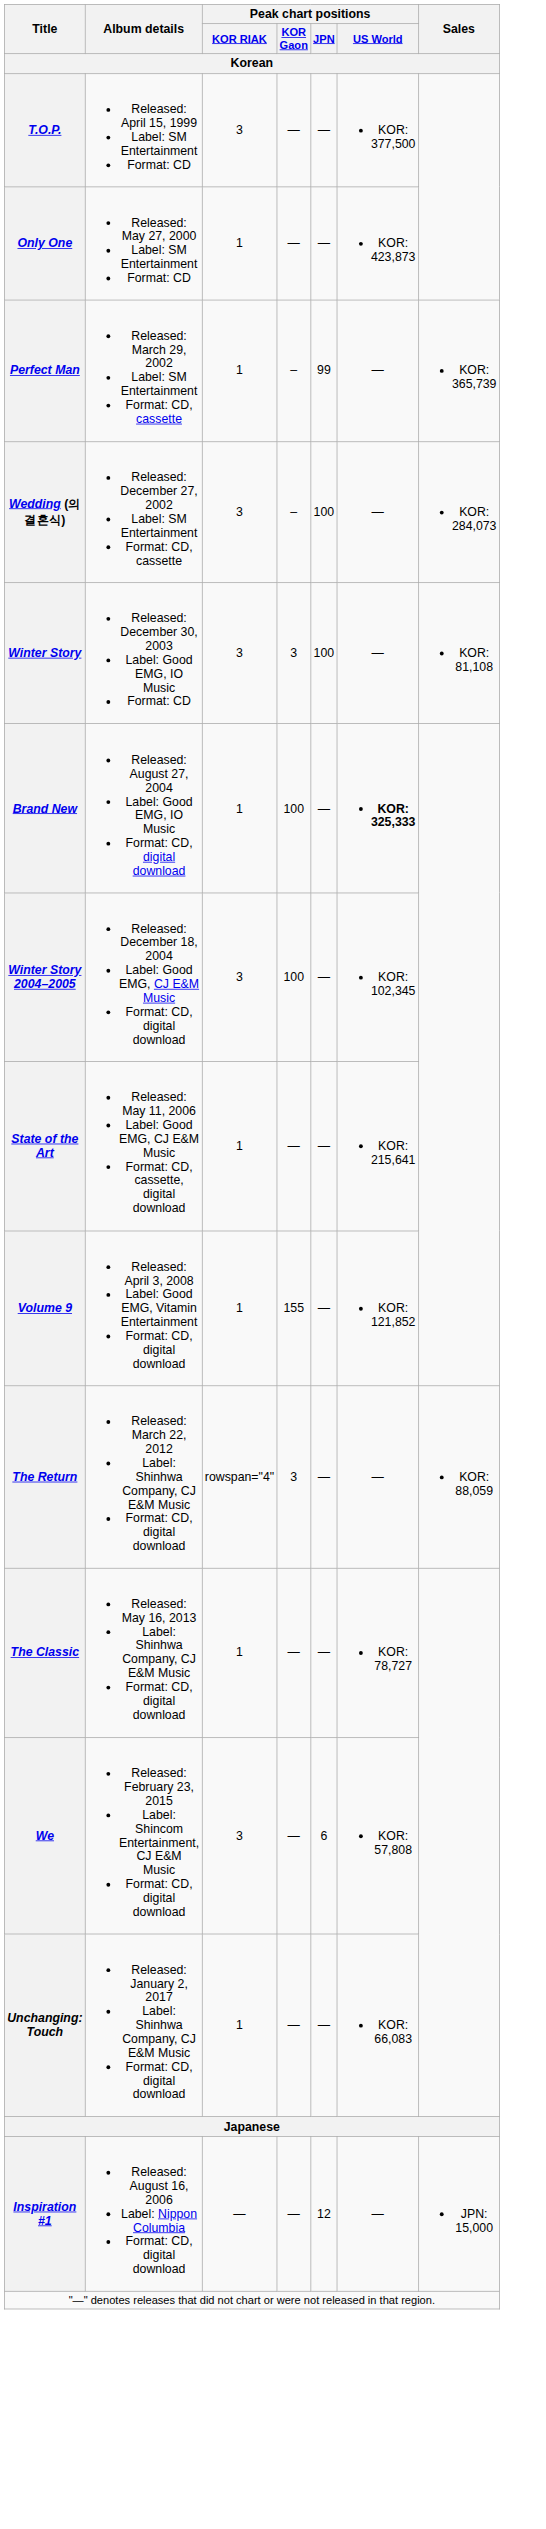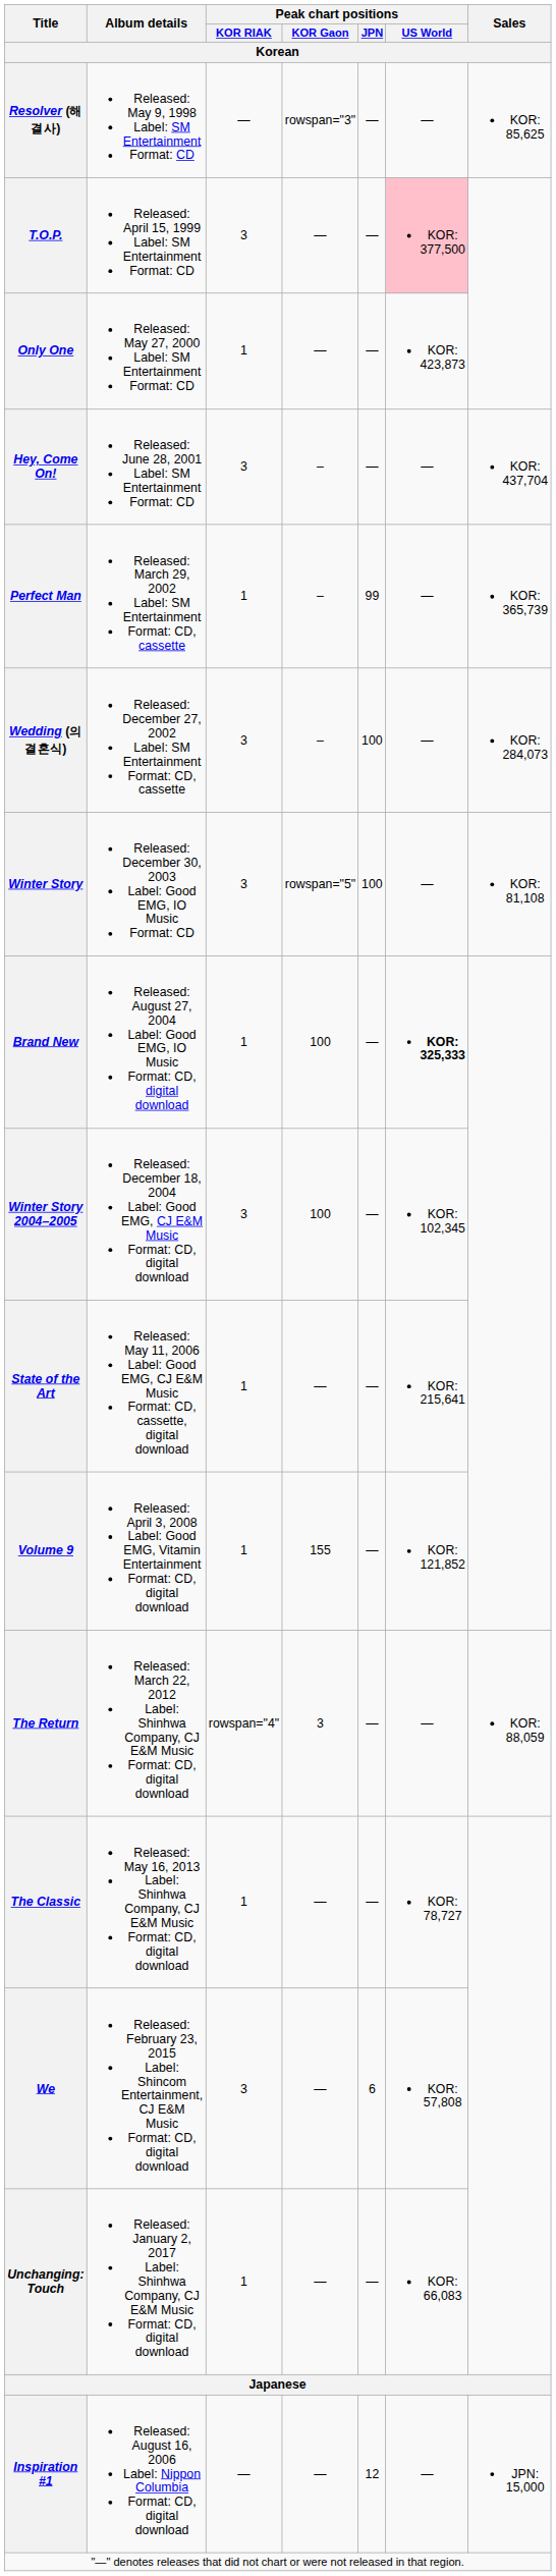 <table class="wikitable plainrowheaders" style="text-align:center;">
 <tr>
 <th scope="col" rowspan="2">Title</th>
 <th scope="col" rowspan="2" style="width:18em;">Album details</th>
 <th scope="col" colspan="4">Peak chart positions</th>
 <th scope="col" rowspan="2" style="width:11.5em;">Sales</th>
 </tr>
 <tr>
 <th scope="col" style="width:3em;font-size:90%;"><a href='#'>KOR RIAK</a><br></th>
 <th scope="col" style="width:3em;font-size:90%;"><a href='#'>KOR Gaon</a><br></th>
 <th scope="col" style="width:3em;font-size:90%;"><a href='#'>JPN</a><br></th>
 <th scope="col" style="width:3em;font-size:90%;"><a href='#'>US World</a><br></th>
 </tr>
 <tr>
 <th scope="col" colspan="7">Korean</th>
 </tr>
 <tr>
+<th scope="row"><em><a href='#'>Resolver</a></em> (해결사)</th>
+<td><br><ul><li>Released: May 9, 1998</li><li>Label: <a href='#'>SM Entertainment</a></li><li>Format: <a href='#'>CD</a></li></ul></td>
+<td>—</td>
+<td>rowspan="3" </td>
+<td>—</td>
+<td>—</td>
+<td><br><ul><li>KOR: 85,625</li></ul></td>
+</tr>
+<tr>
 <th scope="row"><em><a href='#'>T.O.P.</a></em></th>
 <td><br><ul><li>Released: April 15, 1999</li><li>Label: SM Entertainment</li><li>Format: CD</li></ul></td>
 <td>3</td>
 <td>—</td>
 <td>—</td>
-<td><br><ul><li>KOR: 377,500</li></ul></td>
+<td style="background: pink;"><br><ul><li>KOR: 377,500</li></ul></td>
 </tr>
 <tr>
 <th scope="row"><em><a href='#'>Only One</a></em></th>
 <td><br><ul><li>Released: May 27, 2000</li><li>Label: SM Entertainment</li><li>Format: CD</li></ul></td>
 <td>1</td>
 <td>—</td>
 <td>—</td>
 <td><br><ul><li>KOR: 423,873</li></ul></td>
+</tr>
+<tr>
+<th scope="row"><em><a href='#'>Hey, Come On!</a></em></th>
+<td><br><ul><li>Released: June 28, 2001</li><li>Label: SM Entertainment</li><li>Format: CD</li></ul></td>
+<td>3</td>
+<td>–</td>
+<td>—</td>
+<td>—</td>
+<td><br><ul><li>KOR: 437,704</li></ul></td>
 </tr>
 <tr>
 <th scope="row"><em><a href='#'>Perfect Man</a></em></th>
 <td><br><ul><li>Released: March 29, 2002</li><li>Label: SM Entertainment</li><li>Format: CD, <a href='#'>cassette</a></li></ul></td>
 <td>1</td>
 <td>–</td>
 <td>99</td>
 <td>—</td>
 <td><br><ul><li>KOR: 365,739</li></ul></td>
 </tr>
 <tr>
 <th scope="row"><em><a href='#'>Wedding</a></em> (의 결혼식)</th>
 <td><br><ul><li>Released: December 27, 2002</li><li>Label: SM Entertainment</li><li>Format: CD, cassette</li></ul></td>
 <td>3</td>
 <td>–</td>
 <td>100</td>
 <td>—</td>
 <td><br><ul><li>KOR: 284,073</li></ul></td>
 </tr>
 <tr>
 <th scope="row"><em><a href='#'>Winter Story</a></em></th>
 <td><br><ul><li>Released: December 30, 2003</li><li>Label: Good EMG, IO Music</li><li>Format: CD</li></ul></td>
 <td>3</td>
-<td>3</td>
+<td>rowspan="5" </td>
 <td>100</td>
 <td>—</td>
 <td><br><ul><li>KOR: 81,108</li></ul></td>
 </tr>
 <tr>
 <th scope="row"><em><a href='#'>Brand New</a></em></th>
 <td><br><ul><li>Released: August 27, 2004</li><li>Label: Good EMG, IO Music</li><li>Format: CD, <a href='#'>digital download</a></li></ul></td>
 <td>1</td>
 <td>100</td>
 <td>—</td>
 <td><strong><br><ul><li>KOR: 325,333</li></ul></strong></td>
 </tr>
 <tr>
 <th scope="row"><em><a href='#'>Winter Story 2004–2005</a></em></th>
 <td><br><ul><li>Released: December 18, 2004</li><li>Label: Good EMG, <a href='#'>CJ E&M Music</a></li><li>Format: CD, digital download</li></ul></td>
 <td>3</td>
 <td>100</td>
 <td>—</td>
 <td><br><ul><li>KOR: 102,345</li></ul></td>
 </tr>
 <tr>
 <th scope="row"><em><a href='#'>State of the Art</a></em></th>
 <td><br><ul><li>Released: May 11, 2006</li><li>Label: Good EMG, CJ E&M Music</li><li>Format: CD, cassette, digital download</li></ul></td>
 <td>1</td>
 <td>—</td>
 <td>—</td>
 <td><br><ul><li>KOR: 215,641</li></ul></td>
 </tr>
 <tr>
 <th scope="row"><em><a href='#'>Volume 9</a></em></th>
 <td><br><ul><li>Released: April 3, 2008</li><li>Label: Good EMG, Vitamin Entertainment</li><li>Format: CD, digital download</li></ul></td>
 <td>1</td>
 <td>155</td>
 <td>—</td>
 <td><br><ul><li>KOR: 121,852</li></ul></td>
 </tr>
 <tr>
 <th scope="row"><em><a href='#'>The Return</a></em></th>
 <td><br><ul><li>Released: March 22, 2012</li><li>Label: Shinhwa Company, CJ E&M Music</li><li>Format: CD, digital download</li></ul></td>
 <td>rowspan="4" </td>
 <td>3</td>
 <td>—</td>
 <td>—</td>
 <td><br><ul><li>KOR: 88,059</li></ul></td>
 </tr>
 <tr>
 <th scope="row"><em><a href='#'>The Classic</a></em></th>
 <td><br><ul><li>Released: May 16, 2013</li><li>Label: Shinhwa Company, CJ E&M Music</li><li>Format: CD, digital download</li></ul></td>
 <td>1</td>
 <td>—</td>
 <td>—</td>
 <td><br><ul><li>KOR: 78,727</li></ul></td>
 </tr>
 <tr>
 <th scope="row"><em><a href='#'>We</a></em></th>
 <td><br><ul><li>Released: February 23, 2015</li><li>Label: Shincom Entertainment, CJ E&M Music</li><li>Format: CD, digital download</li></ul></td>
 <td>3</td>
 <td>—</td>
 <td>6</td>
 <td><br><ul><li>KOR: 57,808</li></ul></td>
 </tr>
 <tr>
 <th scope="row"><em>Unchanging: Touch</em></th>
 <td><br><ul><li>Released: January 2, 2017</li><li>Label: Shinhwa Company, CJ E&M Music</li><li>Format: CD, digital download</li></ul></td>
 <td>1</td>
 <td>—</td>
 <td>—</td>
 <td><br><ul><li>KOR: 66,083</li></ul></td>
 </tr>
 <tr>
 <th scope="col" colspan="7">Japanese</th>
 </tr>
 <tr>
 <th scope="row"><em><a href='#'>Inspiration #1</a></em></th>
 <td><br><ul><li>Released: August 16, 2006</li><li>Label: <a href='#'>Nippon Columbia</a></li><li>Format: CD, digital download</li></ul></td>
 <td>—</td>
 <td>—</td>
 <td>12</td>
 <td>—</td>
 <td><br><ul><li>JPN: 15,000</li></ul></td>
 </tr>
 <tr>
 <td colspan="7" style="font-size:90%">"—" denotes releases that did not chart or were not released in that region.</td>
 </tr>
 </table>
